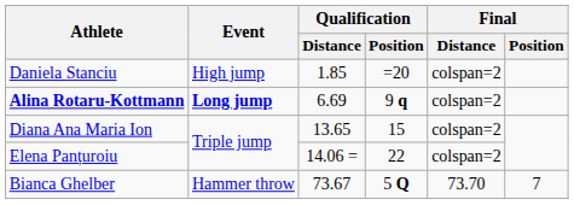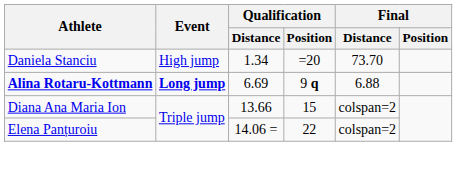 <table class=wikitable style=font-size:90%>
 <tr>
 <th rowspan=2>Athlete</th>
 <th rowspan=2>Event</th>
 <th colspan=2>Qualification</th>
 <th colspan=2>Final</th>
 </tr>
 <tr style=font-size:95%>
 <th>Distance</th>
 <th>Position</th>
 <th>Distance</th>
 <th>Position</th>
 </tr>
 <tr align=center>
 <td align=left><a href='#'>Daniela Stanciu</a></td>
 <td align=left><a href='#'>High jump</a></td>
-<td>1.85</td>
+<td>1.34</td>
 <td>=20</td>
-<td>colspan=2 </td>
+<td>73.70</td>
 </tr>
 <tr align=center>
 <td align=left><strong><a href='#'>Alina Rotaru-Kottmann</a></strong></td>
 <td align=left><strong><a href='#'>Long jump</a></strong></td>
 <td>6.69</td>
 <td>9 <strong>q</strong></td>
-<td>colspan=2 </td>
+<td>6.88</td>
 <td></td>
 </tr>
 <tr align=center>
 <td align=left><a href='#'>Diana Ana Maria Ion</a></td>
 <td align=left rowspan=2><a href='#'>Triple jump</a></td>
-<td>13.65</td>
+<td>13.66</td>
 <td>15</td>
 <td>colspan=2 </td>
 </tr>
 <tr align=center>
 <td align=left><a href='#'>Elena Panțuroiu</a></td>
 <td>14.06 =</td>
 <td>22</td>
 <td>colspan=2 </td>
 </tr>
-<tr align=center>
-<td align=left><a href='#'>Bianca Ghelber</a></td>
-<td align=left><a href='#'>Hammer throw</a></td>
-<td>73.67</td>
-<td>5 <strong>Q</strong></td>
-<td>73.70</td>
-<td>7</td>
-</tr>
 </table>
